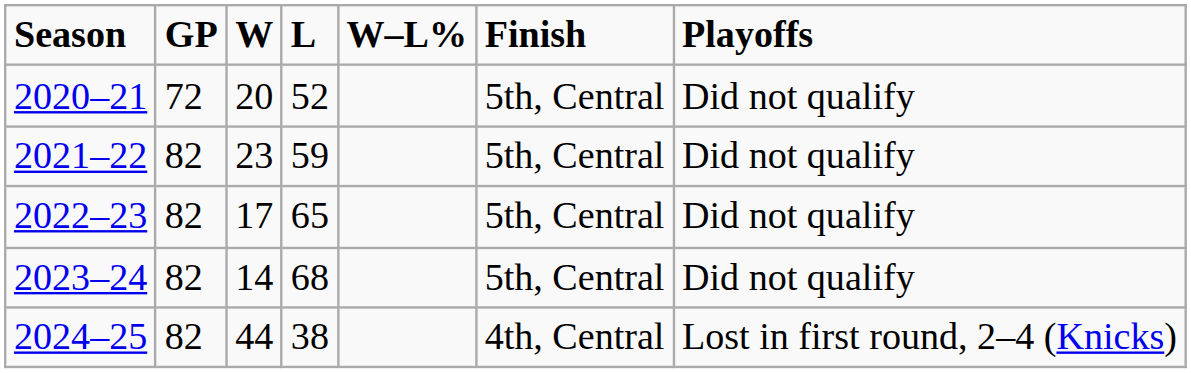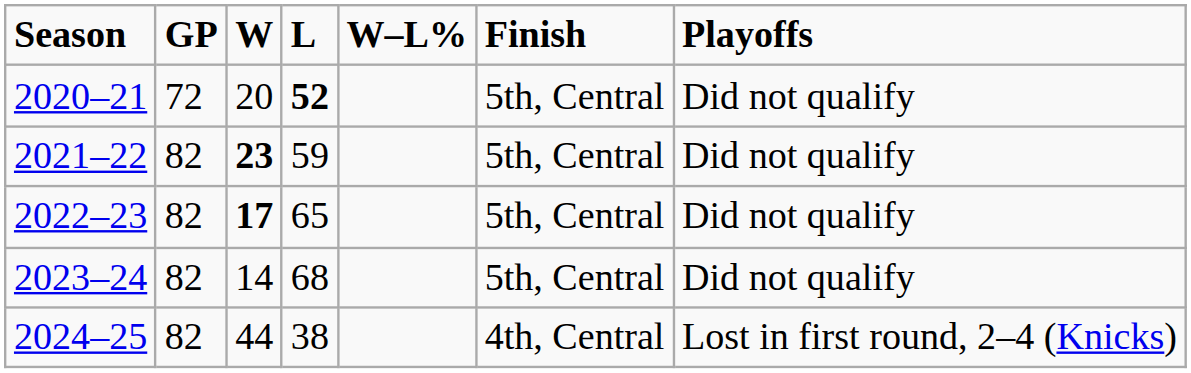 <table class="wikitable">
 <tr style="font-weight:bold; ">
 <td>Season</td>
 <td>GP</td>
 <td>W</td>
 <td>L</td>
 <td>W–L%</td>
 <td>Finish</td>
 <td>Playoffs</td>
 </tr>
 <tr>
 <td><a href='#'>2020–21</a></td>
 <td>72</td>
 <td>20</td>
-<td>52</td>
+<td><strong>52</strong></td>
 <td></td>
 <td>5th, Central</td>
 <td>Did not qualify</td>
 </tr>
 <tr>
 <td><a href='#'>2021–22</a></td>
 <td>82</td>
-<td>23</td>
+<td><strong>23</strong></td>
 <td>59</td>
 <td></td>
 <td>5th, Central</td>
 <td>Did not qualify</td>
 </tr>
 <tr>
 <td><a href='#'>2022–23</a></td>
 <td>82</td>
-<td>17</td>
+<td><strong>17</strong></td>
 <td>65</td>
 <td></td>
 <td>5th, Central</td>
 <td>Did not qualify</td>
 </tr>
 <tr>
 <td><a href='#'>2023–24</a></td>
 <td>82</td>
 <td>14</td>
 <td>68</td>
 <td></td>
 <td>5th, Central</td>
 <td>Did not qualify</td>
 </tr>
 <tr>
 <td><a href='#'>2024–25</a></td>
 <td>82</td>
 <td>44</td>
 <td>38</td>
 <td></td>
 <td>4th, Central</td>
 <td>Lost in first round, 2–4 (<a href='#'>Knicks</a>)</td>
 </tr>
 </table>
